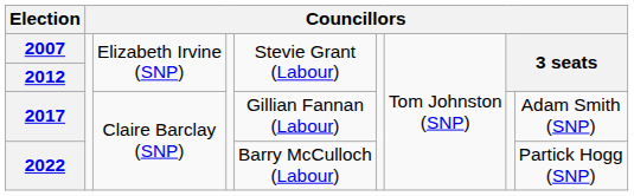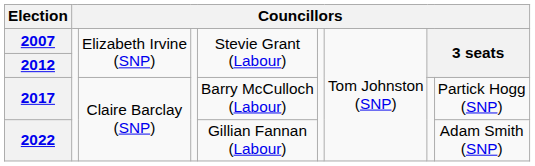 <table class="wikitable" style="text-align:center">
 <tr>
 <th>Election</th>
 <th colspan=8>Councillors</th>
 </tr>
 <tr>
 <th><a href='#'>2007</a></th>
 <td rowspan=4; style="background-color: "></td>
 <td rowspan=2>Elizabeth Irvine<br>(<a href='#'>SNP</a>)</td>
 <td rowspan=4; style="background-color: "></td>
 <td rowspan=2>Stevie Grant<br>(<a href='#'>Labour</a>)</td>
 <td rowspan=4; style="background-color: "></td>
 <td rowspan=4>Tom Johnston<br>(<a href='#'>SNP</a>)</td>
 <th colspan=2; rowspan=2>3 seats</th>
 </tr>
 <tr>
 <th><a href='#'>2012</a></th>
 </tr>
 <tr>
 <th><a href='#'>2017</a></th>
 <td rowspan=2>Claire Barclay<br>(<a href='#'>SNP</a>)</td>
-<td rowspan=1>Gillian Fannan<br>(<a href='#'>Labour</a>)</td>
+<td rowspan=1>Barry McCulloch<br>(<a href='#'>Labour</a>)</td>
 <td rowspan=2; style="background-color: "></td>
-<td rowspan=1>Adam Smith<br>(<a href='#'>SNP</a>)</td>
+<td rowspan=1>Partick Hogg<br>(<a href='#'>SNP</a>)</td>
 </tr>
 <tr>
 <th><a href='#'>2022</a></th>
-<td rowspan=1>Barry McCulloch<br>(<a href='#'>Labour</a>)</td>
-<td rowspan=1>Partick Hogg<br>(<a href='#'>SNP</a>)</td>
+<td rowspan=1>Gillian Fannan<br>(<a href='#'>Labour</a>)</td>
+<td rowspan=1>Adam Smith<br>(<a href='#'>SNP</a>)</td>
 </tr>
 </table>
